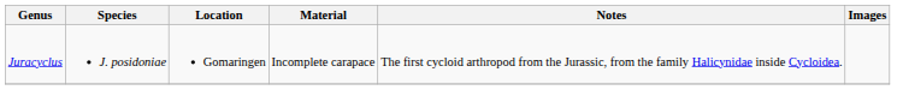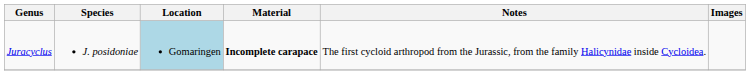 <table class = "wikitable">
 <tr>
 <th>Genus</th>
 <th>Species</th>
 <th>Location</th>
 <th>Material</th>
 <th>Notes</th>
 <th>Images</th>
 </tr>
 <tr>
 <td><br><em><a href='#'>Juracyclus</a></em></td>
 <td><br><ul><li><em>J. posidoniae</em></li></ul></td>
-<td><br><ul><li>Gomaringen</li></ul></td>
-<td><br>Incomplete carapace</td>
+<td style="background: lightblue;"><br><ul><li>Gomaringen</li></ul></td>
+<td><strong><br>Incomplete carapace</strong></td>
 <td><br>The first cycloid arthropod from the Jurassic, from the family <a href='#'>Halicynidae</a> inside <a href='#'>Cycloidea</a>.</td>
 <td></td>
 </tr>
 <tr>
 </tr>
 </table>
